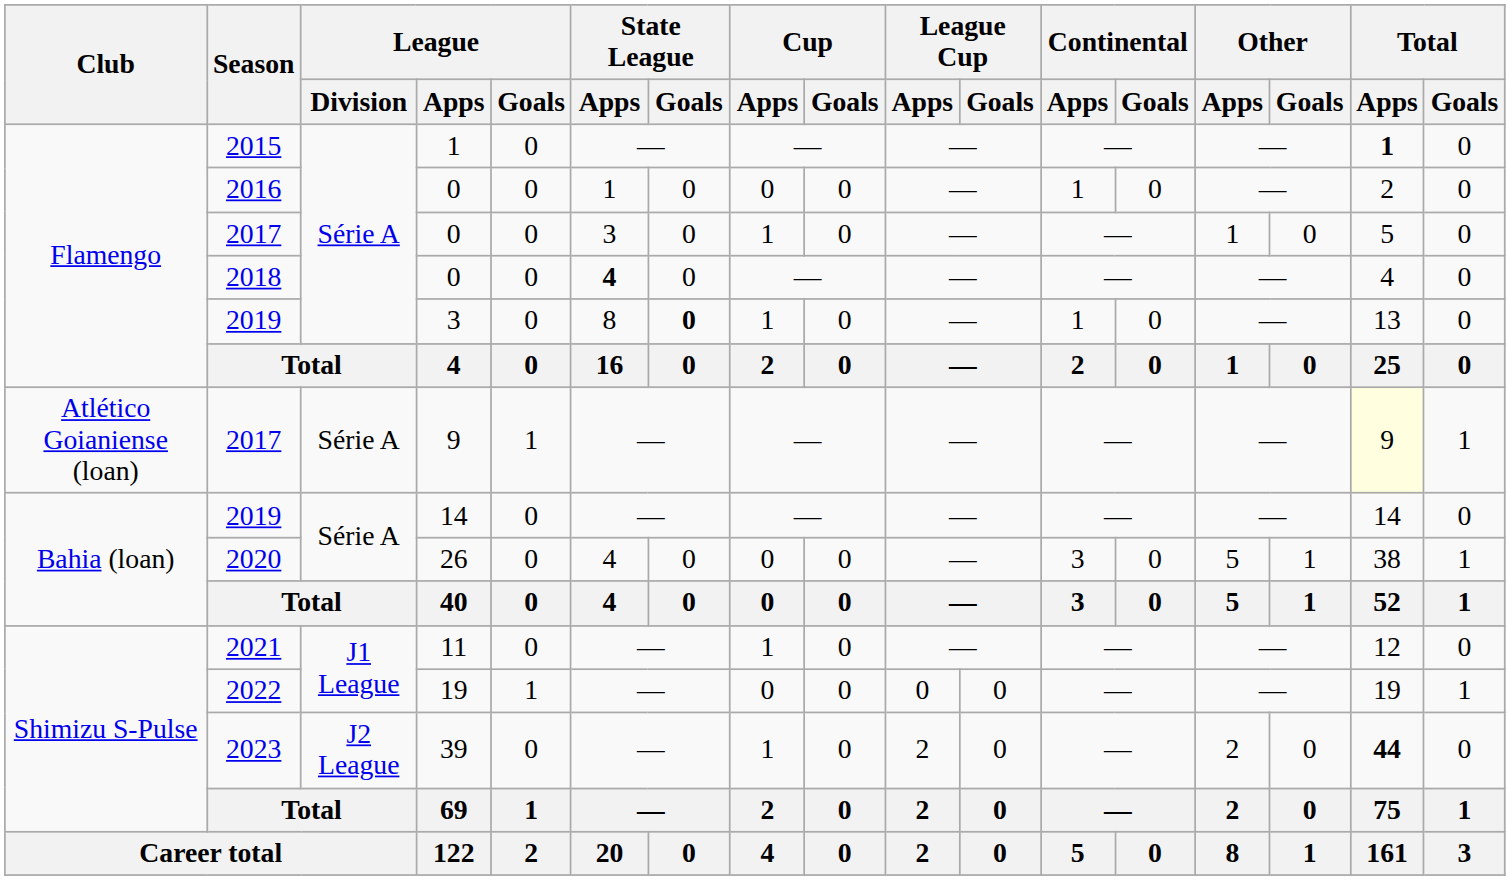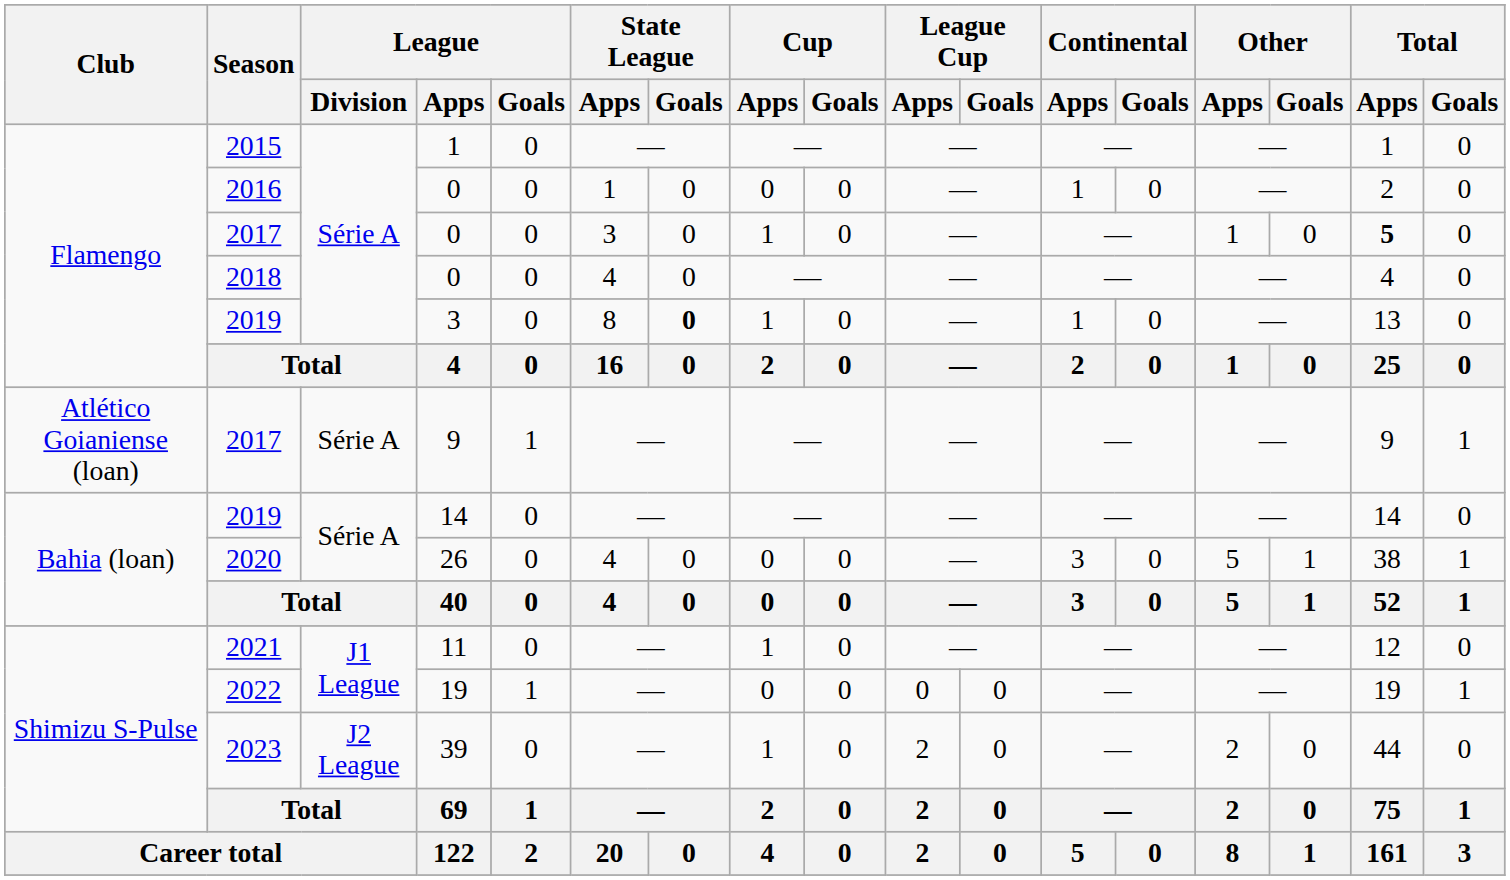 <table class="wikitable" style="text-align: center">
 <tr>
 <th rowspan=2>Club</th>
 <th rowspan=2>Season</th>
 <th colspan=3>League</th>
 <th colspan=2>State League</th>
 <th colspan=2>Cup</th>
 <th colspan=2>League Cup</th>
 <th colspan=2>Continental</th>
 <th colspan=2>Other</th>
 <th colspan=2>Total</th>
 </tr>
 <tr>
 <th>Division</th>
 <th>Apps</th>
 <th>Goals</th>
 <th>Apps</th>
 <th>Goals</th>
 <th>Apps</th>
 <th>Goals</th>
 <th>Apps</th>
 <th>Goals</th>
 <th>Apps</th>
 <th>Goals</th>
 <th>Apps</th>
 <th>Goals</th>
 <th>Apps</th>
 <th>Goals</th>
 </tr>
 <tr>
 <td rowspan="6" valign="center"><a href='#'>Flamengo</a></td>
 <td><a href='#'>2015</a></td>
 <td rowspan="5"><a href='#'>Série A</a></td>
 <td>1</td>
 <td>0</td>
 <td colspan="2">—</td>
 <td colspan="2">—</td>
 <td colspan="2">—</td>
 <td colspan="2">—</td>
 <td colspan="2">—</td>
-<td><strong>1</strong></td>
+<td>1</td>
 <td>0</td>
 </tr>
 <tr>
 <td><a href='#'>2016</a></td>
 <td>0</td>
 <td>0</td>
 <td>1</td>
 <td>0</td>
 <td>0</td>
 <td>0</td>
 <td colspan="2">—</td>
 <td>1</td>
 <td>0</td>
 <td colspan="2">—</td>
 <td>2</td>
 <td>0</td>
 </tr>
 <tr>
 <td><a href='#'>2017</a></td>
 <td>0</td>
 <td>0</td>
 <td>3</td>
 <td>0</td>
 <td>1</td>
 <td>0</td>
 <td colspan="2">—</td>
 <td colspan="2">—</td>
 <td>1</td>
 <td>0</td>
-<td>5</td>
+<td><strong>5</strong></td>
 <td>0</td>
 </tr>
 <tr>
 <td><a href='#'>2018</a></td>
 <td>0</td>
 <td>0</td>
-<td><strong>4</strong></td>
+<td>4</td>
 <td>0</td>
 <td colspan="2">—</td>
 <td colspan="2">—</td>
 <td colspan="2">—</td>
 <td colspan="2">—</td>
 <td>4</td>
 <td>0</td>
 </tr>
 <tr>
 <td><a href='#'>2019</a></td>
 <td>3</td>
 <td>0</td>
 <td>8</td>
 <td><strong>0</strong></td>
 <td>1</td>
 <td>0</td>
 <td colspan="2">—</td>
 <td>1</td>
 <td>0</td>
 <td colspan="2">—</td>
 <td>13</td>
 <td>0</td>
 </tr>
 <tr>
 <th colspan="2">Total</th>
 <th>4</th>
 <th>0</th>
 <th>16</th>
 <th>0</th>
 <th>2</th>
 <th>0</th>
 <th colspan="2">—</th>
 <th>2</th>
 <th>0</th>
 <th>1</th>
 <th>0</th>
 <th>25</th>
 <th>0</th>
 </tr>
 <tr>
 <td valign="center"><a href='#'>Atlético Goianiense</a> (loan)</td>
 <td><a href='#'>2017</a></td>
 <td>Série A</td>
 <td>9</td>
 <td>1</td>
 <td colspan="2">—</td>
 <td colspan="2">—</td>
 <td colspan="2">—</td>
 <td colspan="2">—</td>
 <td colspan="2">—</td>
-<td style="background: lightyellow;">9</td>
+<td>9</td>
 <td>1</td>
 </tr>
 <tr>
 <td rowspan="3"><a href='#'>Bahia</a> (loan)</td>
 <td><a href='#'>2019</a></td>
 <td rowspan="2">Série A</td>
 <td>14</td>
 <td>0</td>
 <td colspan="2">—</td>
 <td colspan="2">—</td>
 <td colspan="2">—</td>
 <td colspan="2">—</td>
 <td colspan="2">—</td>
 <td>14</td>
 <td>0</td>
 </tr>
 <tr>
 <td><a href='#'>2020</a></td>
 <td>26</td>
 <td>0</td>
 <td>4</td>
 <td>0</td>
 <td>0</td>
 <td>0</td>
 <td colspan="2">—</td>
 <td>3</td>
 <td>0</td>
 <td>5</td>
 <td>1</td>
 <td>38</td>
 <td>1</td>
 </tr>
 <tr>
 <th colspan="2">Total</th>
 <th>40</th>
 <th>0</th>
 <th>4</th>
 <th>0</th>
 <th>0</th>
 <th>0</th>
 <th colspan="2">—</th>
 <th>3</th>
 <th>0</th>
 <th>5</th>
 <th>1</th>
 <th>52</th>
 <th>1</th>
 </tr>
 <tr>
 <td rowspan="4" valign="center"><a href='#'>Shimizu S-Pulse</a></td>
 <td><a href='#'>2021</a></td>
 <td rowspan="2"><a href='#'>J1 League</a></td>
 <td>11</td>
 <td>0</td>
 <td colspan="2">—</td>
 <td>1</td>
 <td>0</td>
 <td colspan="2">—</td>
 <td colspan="2">—</td>
 <td colspan="2">—</td>
 <td>12</td>
 <td>0</td>
 </tr>
 <tr>
 <td><a href='#'>2022</a></td>
 <td>19</td>
 <td>1</td>
 <td colspan="2">—</td>
 <td>0</td>
 <td>0</td>
 <td>0</td>
 <td>0</td>
 <td colspan="2">—</td>
 <td colspan="2">—</td>
 <td>19</td>
 <td>1</td>
 </tr>
 <tr>
 <td><a href='#'>2023</a></td>
 <td><a href='#'>J2 League</a></td>
 <td>39</td>
 <td>0</td>
 <td colspan="2">—</td>
 <td>1</td>
 <td>0</td>
 <td>2</td>
 <td>0</td>
 <td colspan="2">—</td>
 <td>2</td>
 <td>0</td>
-<td><strong>44</strong></td>
+<td>44</td>
 <td>0</td>
 </tr>
 <tr>
 <th colspan="2">Total</th>
 <th>69</th>
 <th>1</th>
 <th colspan="2">—</th>
 <th>2</th>
 <th>0</th>
 <th>2</th>
 <th>0</th>
 <th colspan="2">—</th>
 <th>2</th>
 <th>0</th>
 <th>75</th>
 <th>1</th>
 </tr>
 <tr>
 <th colspan="3">Career total</th>
 <th>122</th>
 <th>2</th>
 <th>20</th>
 <th>0</th>
 <th>4</th>
 <th>0</th>
 <th>2</th>
 <th>0</th>
 <th>5</th>
 <th>0</th>
 <th>8</th>
 <th>1</th>
 <th>161</th>
 <th>3</th>
 </tr>
 </table>
